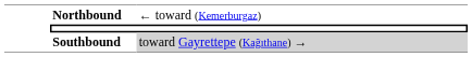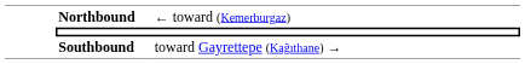 <table table border=0 cellspacing=0 cellpadding=3>
 <tr>
 <td style="border-top:solid 1px gray;border-bottom:solid 1px gray;" width=50 rowspan=3 valign=top></td>
 <td style="border-top:solid 1px gray;" width=100><strong>Northbound</strong></td>
 <td style="border-top:solid 1px gray;" width=400>←  toward  <small>(<a href='#'>Kemerburgaz</a>)</small></td>
 </tr>
 <tr>
 <td style="border-top:solid 2px black;border-right:solid 2px black;border-left:solid 2px black;border-bottom:solid 2px black;text-align:center;" colspan=2></td>
 </tr>
 <tr>
 <td style="border-bottom:solid 1px gray;"><strong>Southbound</strong></td>
-<td style="background: lightgrey; border-bottom:solid 1px gray;"> toward <a href='#'>Gayrettepe</a> <small>(<a href='#'>Kağıthane</a>)</small> →</td>
+<td style="border-bottom:solid 1px gray;"> toward <a href='#'>Gayrettepe</a> <small>(<a href='#'>Kağıthane</a>)</small> →</td>
 </tr>
 </table>
